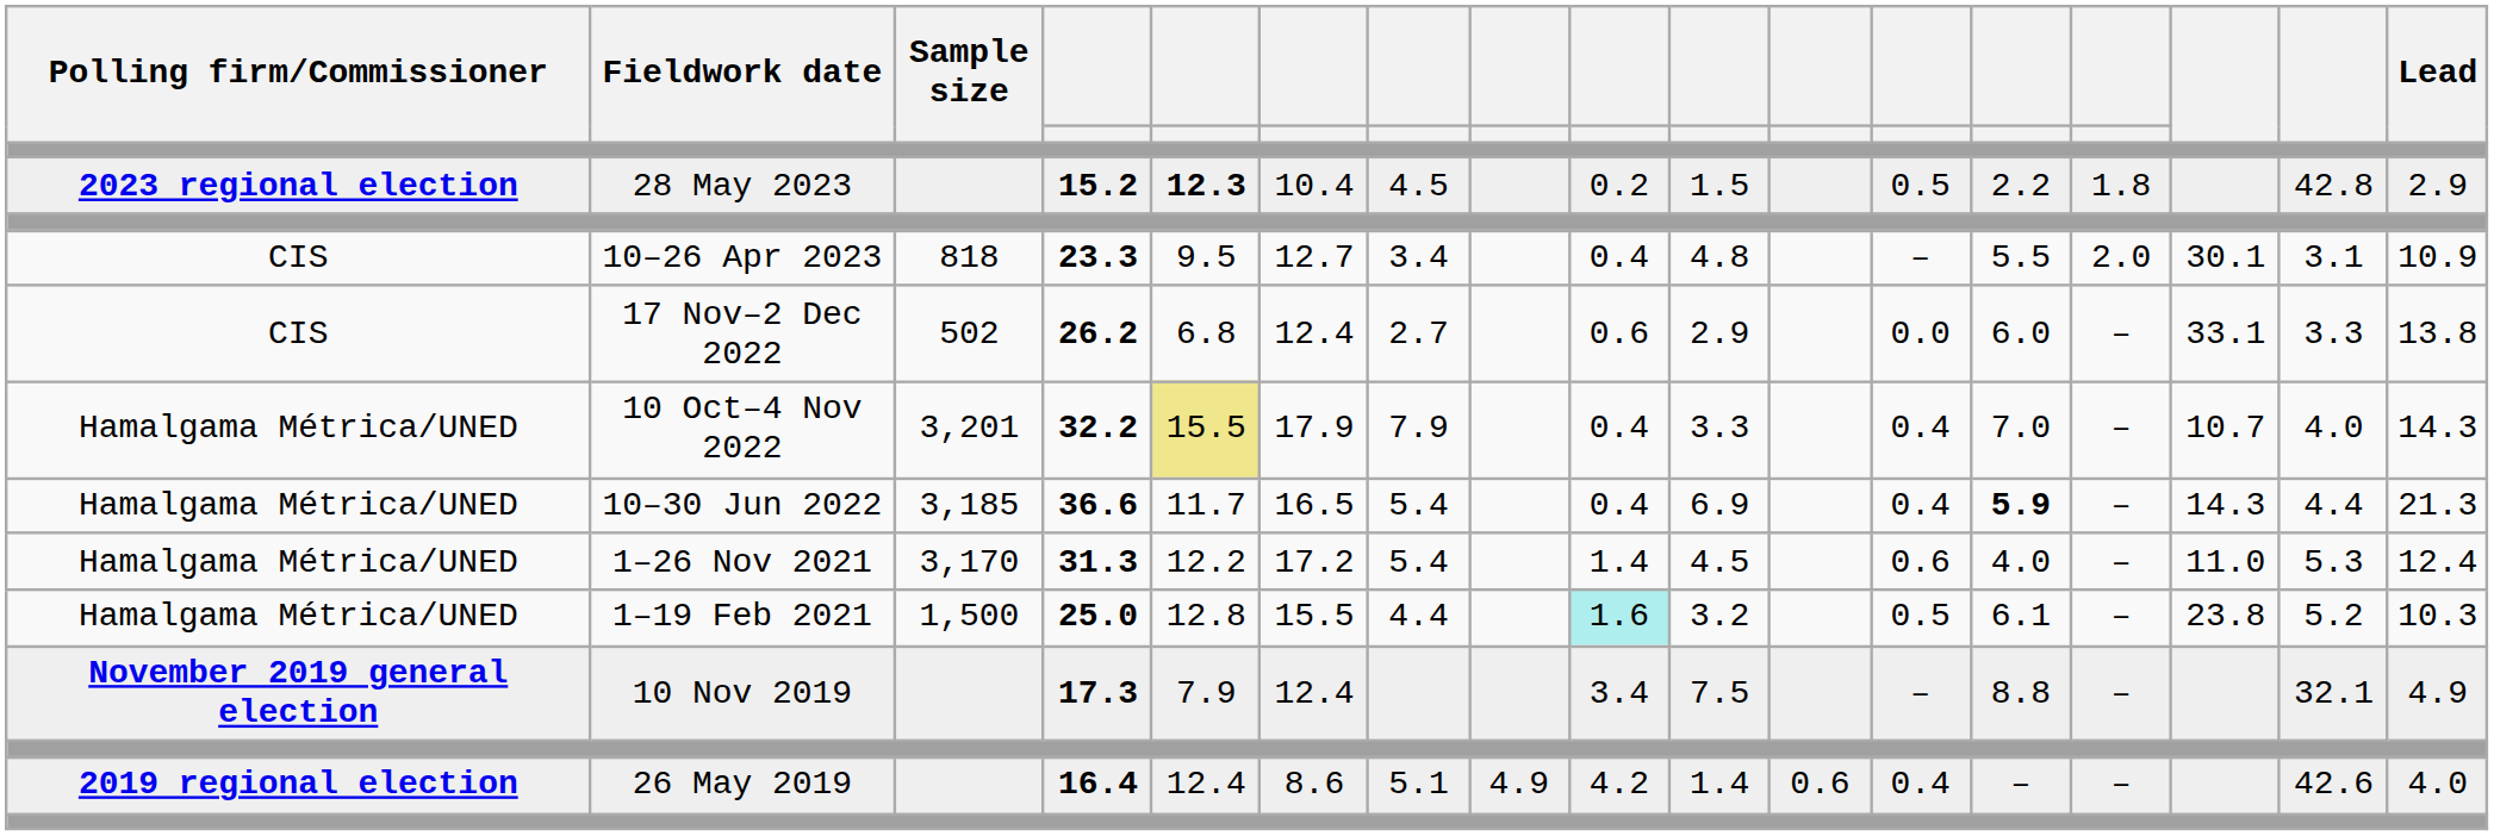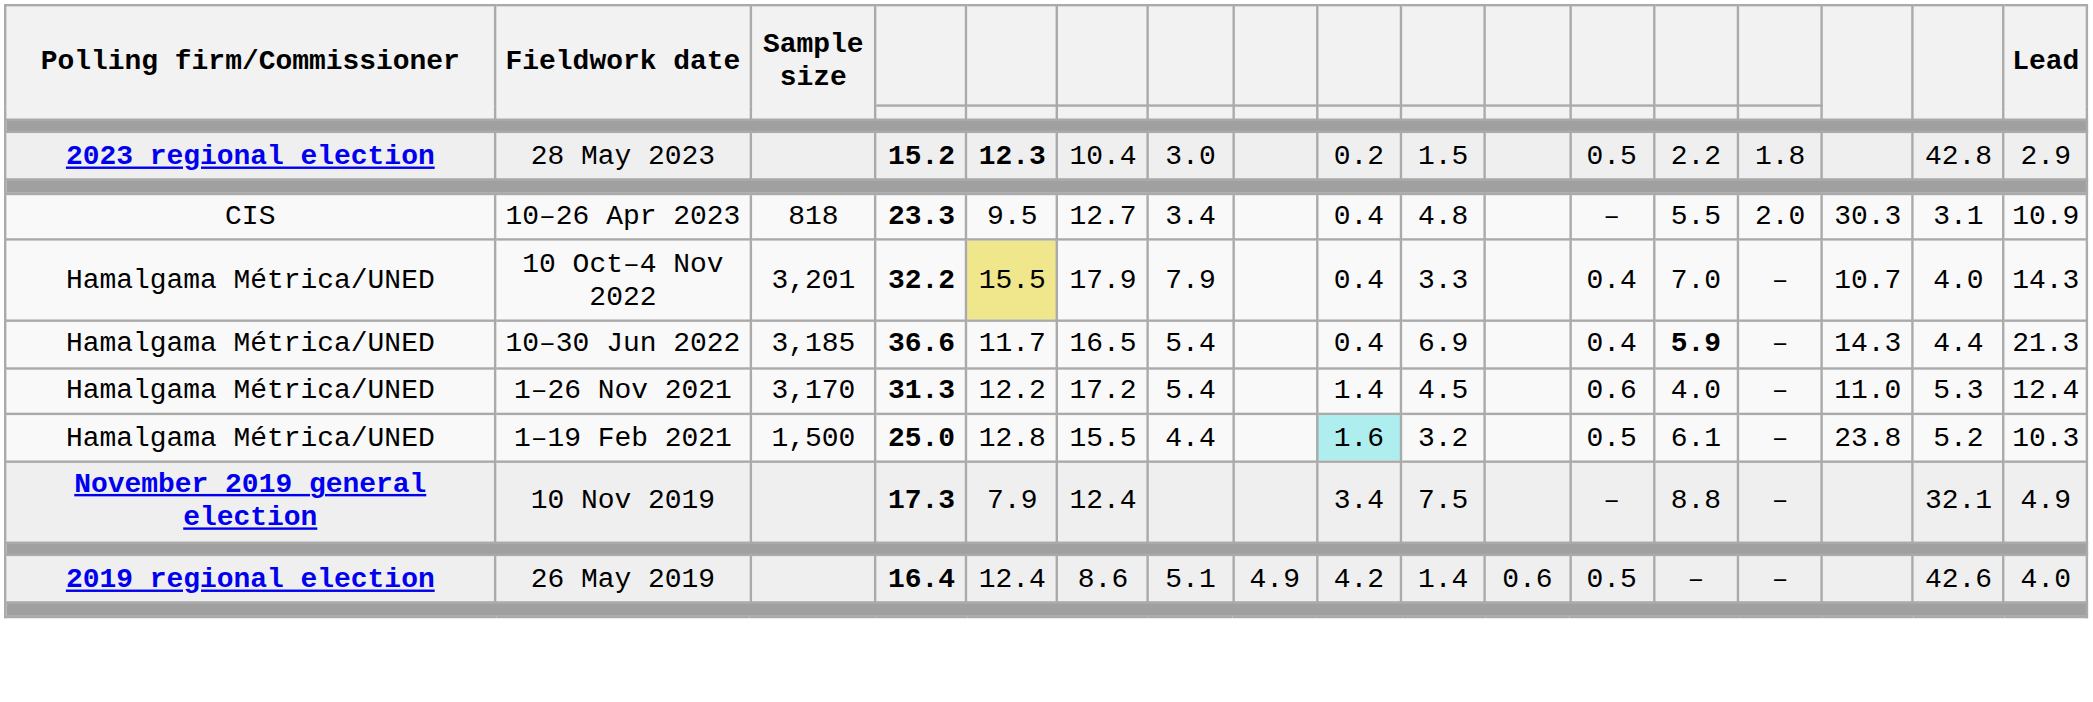 <table class="wikitable collapsible collapsed" style="text-align:center; font-size:90%; line-height:14px;">
 <tr style="height:42px;">
 <th style="width:250px;" rowspan="2">Polling firm/Commissioner</th>
 <th style="width:125px;" rowspan="2">Fieldwork date</th>
 <th style="width:50px;" rowspan="2">Sample size</th>
 <th style="width:35px;"></th>
 <th style="width:35px;"></th>
 <th style="width:35px;"></th>
 <th style="width:35px;"></th>
 <th style="width:35px;"></th>
 <th style="width:35px;"></th>
 <th style="width:35px;"></th>
 <th style="width:35px;"></th>
 <th style="width:35px;"></th>
 <th style="width:35px;"></th>
 <th style="width:35px;"></th>
 <th style="width:35px;" rowspan="2"></th>
 <th style="width:35px;" rowspan="2"></th>
 <th style="width:30px;" rowspan="2">Lead</th>
 </tr>
 <tr>
 <th style="color:inherit;background:"></th>
 <th style="color:inherit;background:"></th>
 <th style="color:inherit;background:"></th>
 <th style="color:inherit;background:"></th>
 <th style="color:inherit;background:"></th>
 <th style="color:inherit;background:"></th>
 <th style="color:inherit;background:"></th>
 <th style="color:inherit;background:"></th>
 <th style="color:inherit;background:"></th>
 <th style="color:inherit;background:"></th>
 <th style="color:inherit;background:"></th>
 </tr>
 <tr>
 <td colspan="17" style="background:#A0A0A0"></td>
 </tr>
 <tr style="background:#EFEFEF;">
 <td><strong><a href='#'>2023 regional election</a></strong></td>
 <td>28 May 2023</td>
 <td></td>
 <td><strong>15.2</strong></td>
 <td><strong>12.3</strong></td>
 <td>10.4</td>
-<td>4.5</td>
+<td>3.0</td>
 <td></td>
 <td>0.2</td>
 <td>1.5</td>
 <td></td>
 <td>0.5</td>
 <td>2.2</td>
 <td>1.8</td>
 <td></td>
 <td>42.8</td>
 <td style="background:">2.9</td>
 </tr>
 <tr>
 <td colspan="17" style="background:#A0A0A0"></td>
 </tr>
 <tr>
 <td>CIS</td>
 <td>10–26 Apr 2023</td>
 <td>818</td>
 <td><strong>23.3</strong></td>
 <td>9.5</td>
 <td>12.7</td>
 <td>3.4</td>
 <td></td>
 <td>0.4</td>
 <td>4.8</td>
 <td></td>
 <td>–</td>
 <td>5.5</td>
 <td>2.0</td>
-<td>30.1</td>
+<td>30.3</td>
 <td>3.1</td>
 <td style="background:">10.9</td>
-</tr>
-<tr>
-<td>CIS</td>
-<td>17 Nov–2 Dec 2022</td>
-<td>502</td>
-<td><strong>26.2</strong></td>
-<td>6.8</td>
-<td>12.4</td>
-<td>2.7</td>
-<td></td>
-<td>0.6</td>
-<td>2.9</td>
-<td></td>
-<td>0.0</td>
-<td>6.0</td>
-<td>–</td>
-<td>33.1</td>
-<td>3.3</td>
-<td style="background:">13.8</td>
 </tr>
 <tr>
 <td>Hamalgama Métrica/UNED</td>
 <td>10 Oct–4 Nov 2022</td>
 <td>3,201</td>
 <td><strong>32.2</strong></td>
 <td style="background: khaki;">15.5</td>
 <td>17.9</td>
 <td>7.9</td>
 <td></td>
 <td>0.4</td>
 <td>3.3</td>
 <td></td>
 <td>0.4</td>
 <td>7.0</td>
 <td>–</td>
 <td>10.7</td>
 <td>4.0</td>
 <td style="background:">14.3</td>
 </tr>
 <tr>
 <td>Hamalgama Métrica/UNED</td>
 <td>10–30 Jun 2022</td>
 <td>3,185</td>
 <td><strong>36.6</strong></td>
 <td>11.7</td>
 <td>16.5</td>
 <td>5.4</td>
 <td></td>
 <td>0.4</td>
 <td>6.9</td>
 <td></td>
 <td>0.4</td>
 <td><strong>5.9</strong></td>
 <td>–</td>
 <td>14.3</td>
 <td>4.4</td>
 <td style="background:">21.3</td>
 </tr>
 <tr>
 <td>Hamalgama Métrica/UNED</td>
 <td>1–26 Nov 2021</td>
 <td>3,170</td>
 <td><strong>31.3</strong></td>
 <td>12.2</td>
 <td>17.2</td>
 <td>5.4</td>
 <td></td>
 <td>1.4</td>
 <td>4.5</td>
 <td></td>
 <td>0.6</td>
 <td>4.0</td>
 <td>–</td>
 <td>11.0</td>
 <td>5.3</td>
 <td style="background:">12.4</td>
 </tr>
 <tr>
 <td>Hamalgama Métrica/UNED</td>
 <td>1–19 Feb 2021</td>
 <td>1,500</td>
 <td><strong>25.0</strong></td>
 <td>12.8</td>
 <td>15.5</td>
 <td>4.4</td>
 <td></td>
 <td style="background: paleturquoise;">1.6</td>
 <td>3.2</td>
 <td></td>
 <td>0.5</td>
 <td>6.1</td>
 <td>–</td>
 <td>23.8</td>
 <td>5.2</td>
 <td style="background:">10.3</td>
 </tr>
 <tr style="background:#EFEFEF;">
 <td><strong><a href='#'>November 2019 general election</a></strong></td>
 <td>10 Nov 2019</td>
 <td></td>
 <td><strong>17.3</strong></td>
 <td>7.9</td>
 <td>12.4</td>
 <td></td>
 <td></td>
 <td>3.4</td>
 <td>7.5</td>
 <td></td>
 <td>–</td>
 <td>8.8</td>
 <td>–</td>
 <td></td>
 <td>32.1</td>
 <td style="background:">4.9</td>
 </tr>
 <tr>
 <td colspan="17" style="background:#A0A0A0"></td>
 </tr>
 <tr style="background:#EFEFEF;">
 <td><strong><a href='#'>2019 regional election</a></strong></td>
 <td>26 May 2019</td>
 <td></td>
 <td><strong>16.4</strong></td>
 <td>12.4</td>
 <td>8.6</td>
 <td>5.1</td>
 <td>4.9</td>
 <td>4.2</td>
 <td>1.4</td>
 <td>0.6</td>
-<td>0.4</td>
+<td>0.5</td>
 <td>–</td>
 <td>–</td>
 <td></td>
 <td>42.6</td>
 <td style="background:">4.0</td>
 </tr>
 <tr>
 <td colspan="17" style="background:#A0A0A0"></td>
 </tr>
 </table>
